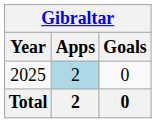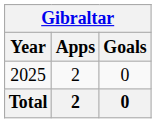 <table class="wikitable" style="text-align:center">
 <tr>
 <th colspan=3><a href='#'>Gibraltar</a></th>
 </tr>
 <tr>
 <th>Year</th>
 <th>Apps</th>
 <th>Goals</th>
 </tr>
 <tr>
 <td>2025</td>
-<td style="background: lightblue;">2</td>
+<td>2</td>
 <td>0</td>
 </tr>
 <tr>
 <th>Total</th>
 <th>2</th>
 <th>0</th>
 </tr>
 </table>
